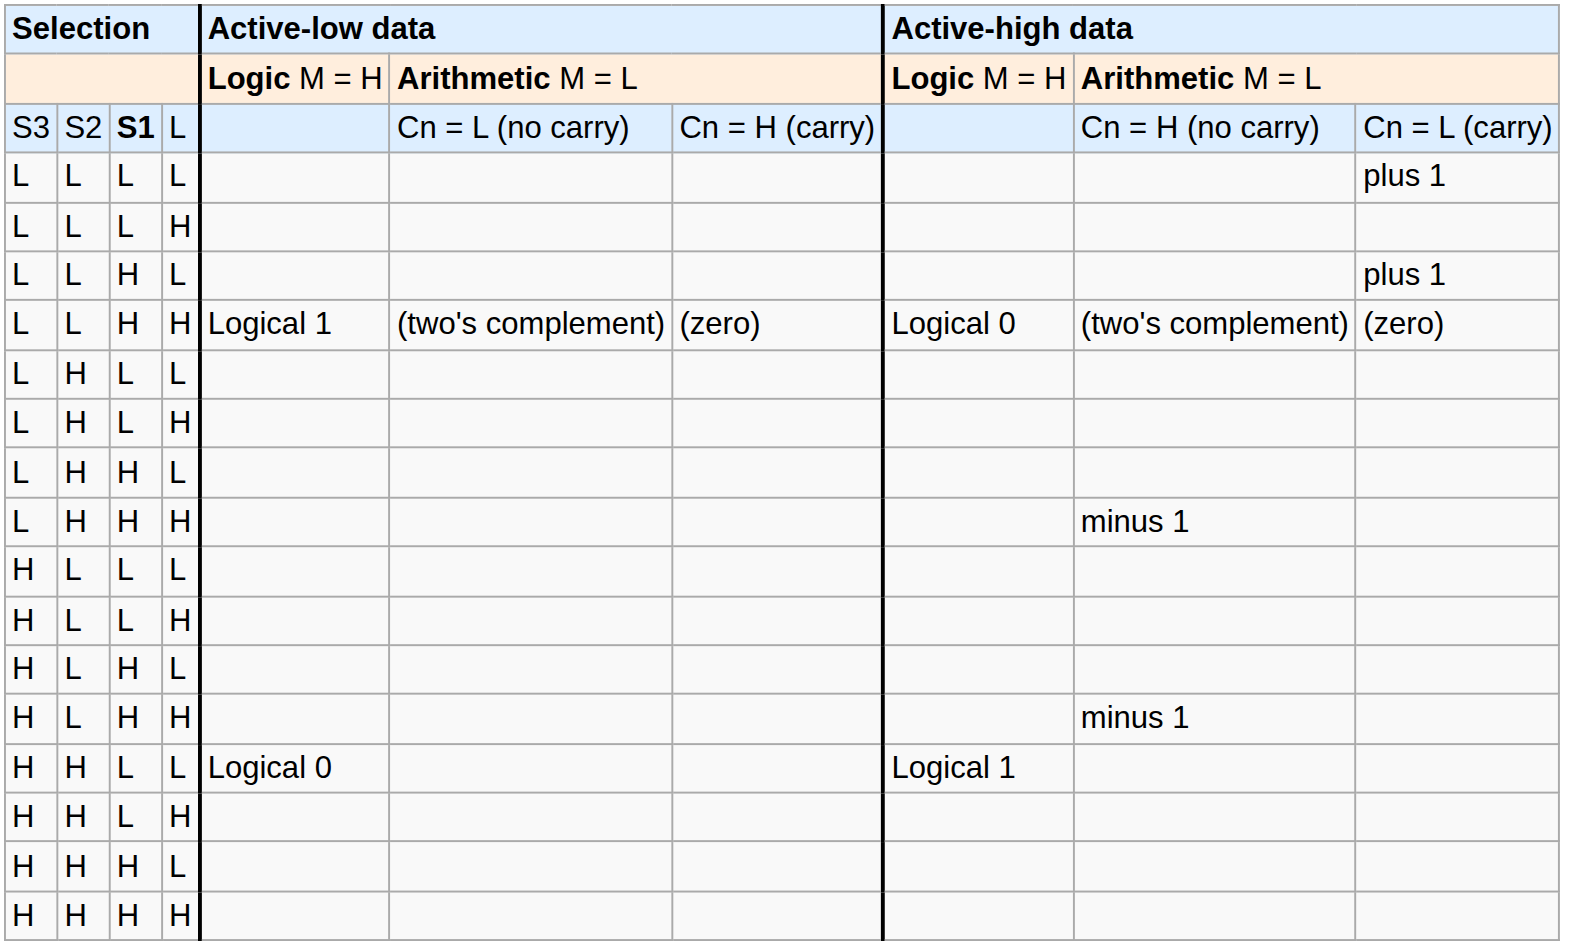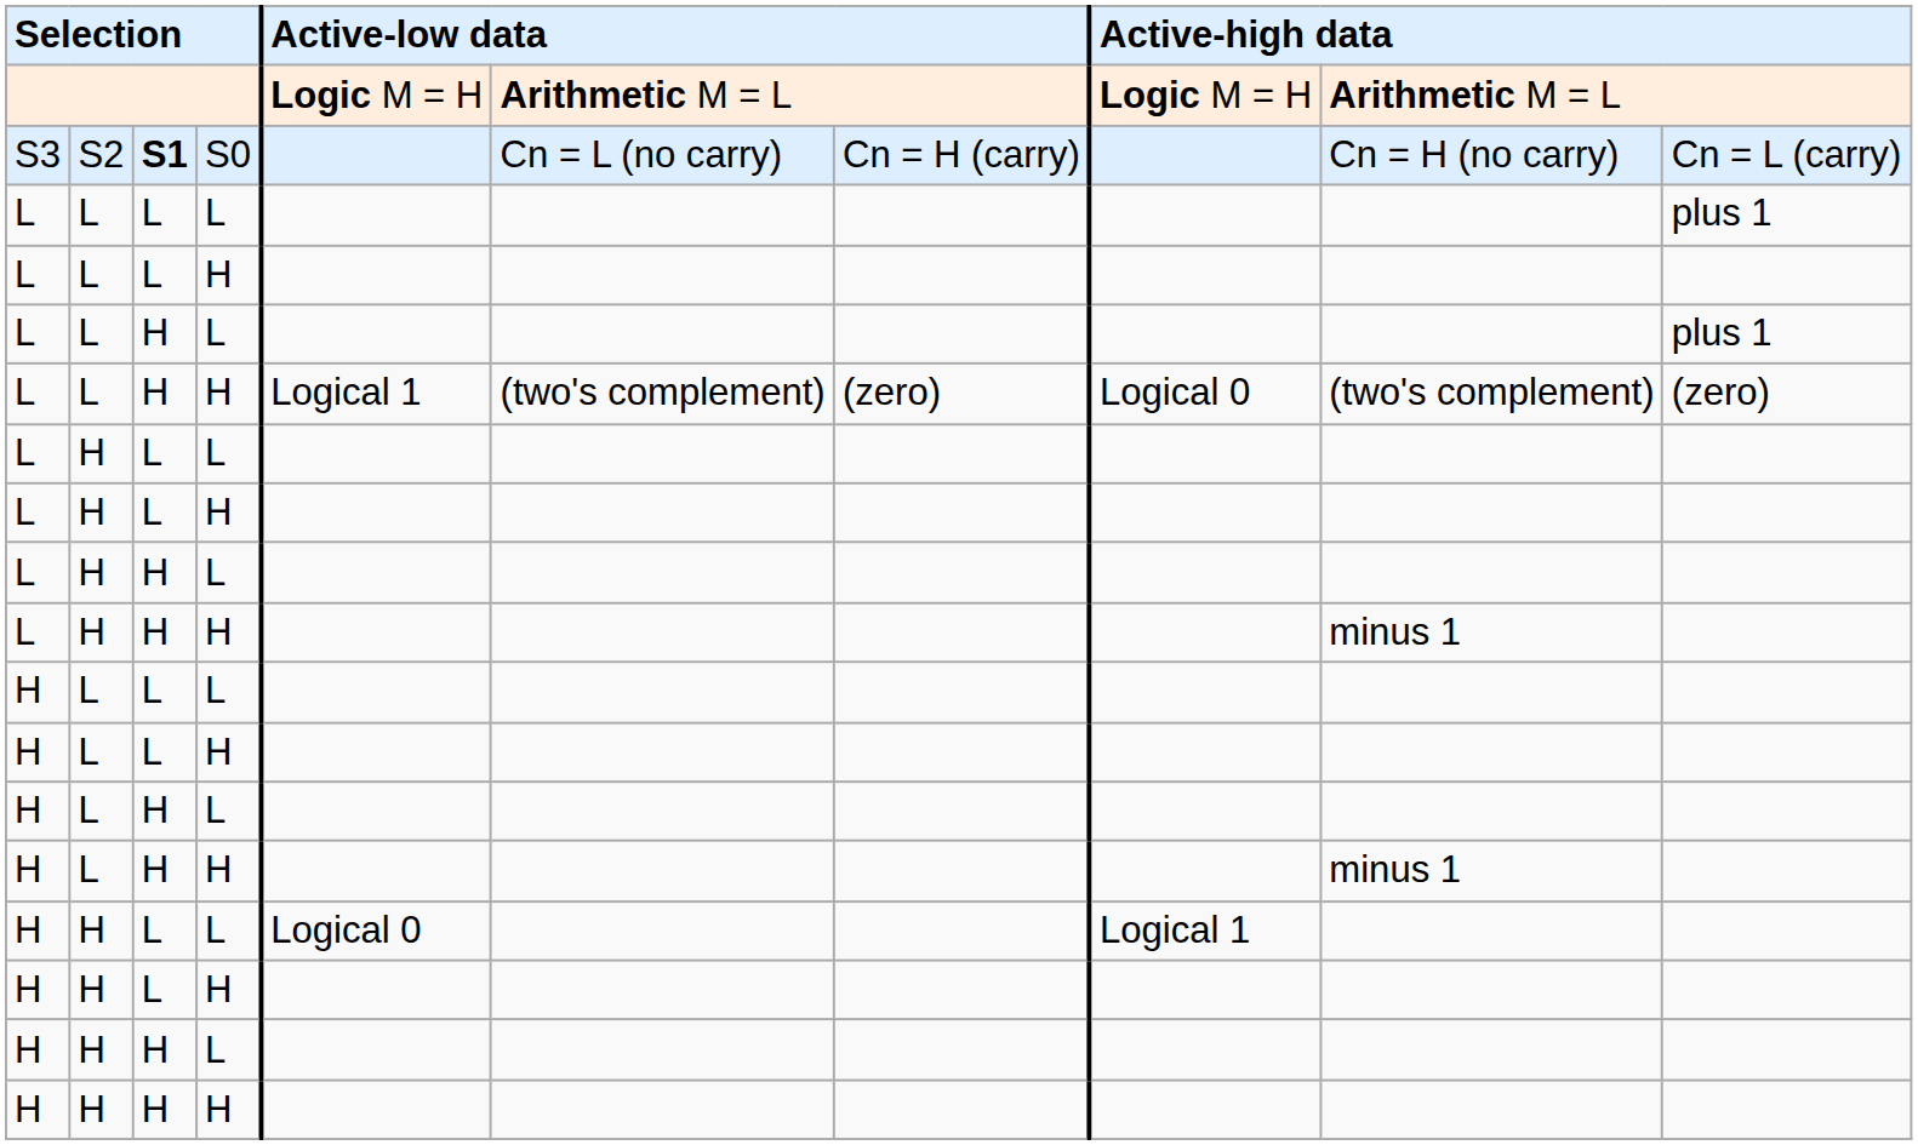 <table class="wikitable" text-align:center;">
 <tr bgcolor="#def">
 <td colspan=4 style="border-right: 2px solid"><strong>Selection</strong></td>
 <td colspan=3 style="border-right: 2px solid"><strong>Active-low data</strong></td>
 <td colspan=3><strong>Active-high data</strong></td>
 </tr>
 <tr bgcolor="#fed">
 <td colspan=4 style="border-right: 2px solid"></td>
 <td><strong>Logic</strong> M = H</td>
 <td colspan=2 style="border-right: 2px solid"><strong>Arithmetic</strong> M = L</td>
 <td><strong>Logic</strong> M = H</td>
 <td colspan=2><strong>Arithmetic</strong> M = L</td>
 </tr>
 <tr bgcolor="#def">
 <td>S3</td>
 <td>S2</td>
 <td><strong>S1</strong></td>
-<td style="border-right: 2px solid">L</td>
+<td style="border-right: 2px solid">S0</td>
 <td></td>
 <td>Cn = L (no carry)</td>
 <td>Cn = H (carry)</td>
 <td style="border-left: 2px solid"></td>
 <td>Cn = H (no carry)</td>
 <td>Cn = L (carry)</td>
 </tr>
 <tr>
 <td>L</td>
 <td>L</td>
 <td>L</td>
 <td style="border-right: 2px solid">L</td>
 <td></td>
 <td></td>
 <td></td>
 <td style="border-left: 2px solid"></td>
 <td></td>
 <td> plus 1</td>
 </tr>
 <tr>
 <td>L</td>
 <td>L</td>
 <td>L</td>
 <td style="border-right: 2px solid">H</td>
 <td></td>
 <td></td>
 <td></td>
 <td style="border-left: 2px solid"></td>
 <td></td>
 <td></td>
 </tr>
 <tr>
 <td>L</td>
 <td>L</td>
 <td>H</td>
 <td style="border-right: 2px solid">L</td>
 <td></td>
 <td></td>
 <td></td>
 <td style="border-left: 2px solid"></td>
 <td></td>
 <td> plus 1</td>
 </tr>
 <tr>
 <td>L</td>
 <td>L</td>
 <td>H</td>
 <td style="border-right: 2px solid">H</td>
 <td>Logical 1</td>
 <td>  (two's complement)</td>
 <td> (zero)</td>
 <td style="border-left: 2px solid">Logical 0</td>
 <td>  (two's complement)</td>
 <td> (zero)</td>
 </tr>
 <tr>
 <td>L</td>
 <td>H</td>
 <td>L</td>
 <td style="border-right: 2px solid">L</td>
 <td></td>
 <td></td>
 <td></td>
 <td style="border-left: 2px solid"></td>
 <td></td>
 <td></td>
 </tr>
 <tr>
 <td>L</td>
 <td>H</td>
 <td>L</td>
 <td style="border-right: 2px solid">H</td>
 <td></td>
 <td></td>
 <td></td>
 <td style="border-left: 2px solid"></td>
 <td></td>
 <td></td>
 </tr>
 <tr>
 <td>L</td>
 <td>H</td>
 <td>H</td>
 <td style="border-right: 2px solid">L</td>
 <td></td>
 <td></td>
 <td></td>
 <td style="border-left: 2px solid"></td>
 <td></td>
 <td></td>
 </tr>
 <tr>
 <td>L</td>
 <td>H</td>
 <td>H</td>
 <td style="border-right: 2px solid">H</td>
 <td></td>
 <td></td>
 <td></td>
 <td style="border-left: 2px solid"></td>
 <td> minus 1</td>
 <td></td>
 </tr>
 <tr>
 <td>H</td>
 <td>L</td>
 <td>L</td>
 <td style="border-right: 2px solid">L</td>
 <td></td>
 <td></td>
 <td></td>
 <td style="border-left: 2px solid"></td>
 <td></td>
 <td></td>
 </tr>
 <tr>
 <td>H</td>
 <td>L</td>
 <td>L</td>
 <td style="border-right: 2px solid">H</td>
 <td></td>
 <td></td>
 <td></td>
 <td style="border-left: 2px solid"></td>
 <td></td>
 <td></td>
 </tr>
 <tr>
 <td>H</td>
 <td>L</td>
 <td>H</td>
 <td style="border-right: 2px solid">L</td>
 <td></td>
 <td></td>
 <td></td>
 <td style="border-left: 2px solid"></td>
 <td></td>
 <td></td>
 </tr>
 <tr>
 <td>H</td>
 <td>L</td>
 <td>H</td>
 <td style="border-right: 2px solid">H</td>
 <td></td>
 <td></td>
 <td></td>
 <td style="border-left: 2px solid"></td>
 <td> minus 1</td>
 <td></td>
 </tr>
 <tr>
 <td>H</td>
 <td>H</td>
 <td>L</td>
 <td style="border-right: 2px solid">L</td>
 <td>Logical 0</td>
 <td></td>
 <td></td>
 <td style="border-left: 2px solid">Logical 1</td>
 <td></td>
 <td></td>
 </tr>
 <tr>
 <td>H</td>
 <td>H</td>
 <td>L</td>
 <td style="border-right: 2px solid">H</td>
 <td></td>
 <td></td>
 <td></td>
 <td style="border-left: 2px solid"></td>
 <td></td>
 <td></td>
 </tr>
 <tr>
 <td>H</td>
 <td>H</td>
 <td>H</td>
 <td style="border-right: 2px solid">L</td>
 <td></td>
 <td></td>
 <td></td>
 <td style="border-left: 2px solid"></td>
 <td></td>
 <td></td>
 </tr>
 <tr>
 <td>H</td>
 <td>H</td>
 <td>H</td>
 <td style="border-right: 2px solid">H</td>
 <td></td>
 <td></td>
 <td></td>
 <td style="border-left: 2px solid"></td>
 <td></td>
 <td></td>
 </tr>
 </table>
